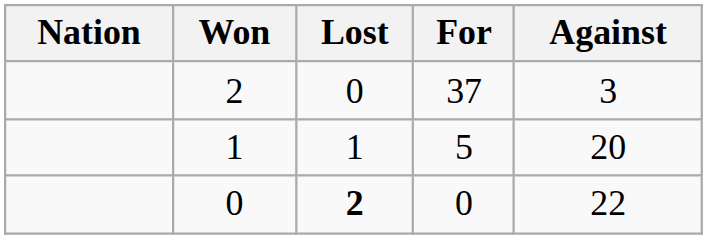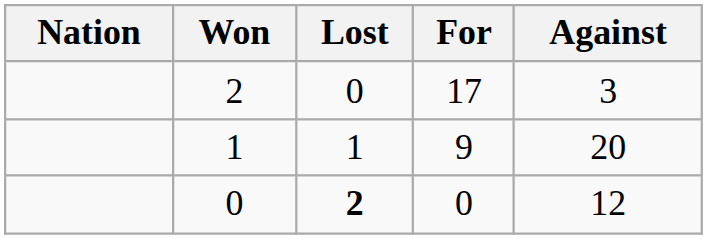 <table class="wikitable" border="1" style="text-align: center; width:50%">
 <tr>
 <th>Nation</th>
 <th>Won</th>
 <th>Lost</th>
 <th>For</th>
 <th>Against</th>
 </tr>
 <tr>
 <td align=left></td>
 <td>2</td>
 <td>0</td>
-<td>37</td>
+<td>17</td>
 <td>3</td>
 </tr>
 <tr>
 <td align=left></td>
 <td>1</td>
 <td>1</td>
-<td>5</td>
+<td>9</td>
 <td>20</td>
 </tr>
 <tr>
 <td align=left></td>
 <td>0</td>
 <td><strong>2</strong></td>
 <td>0</td>
-<td>22</td>
+<td>12</td>
 </tr>
 </table>
